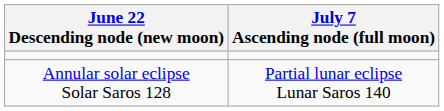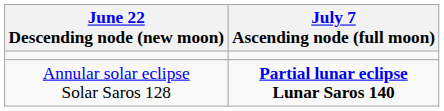 <table class="wikitable">
 <tr>
 <th><a href='#'>June 22</a><br>Descending node (new moon)<br></th>
 <th><a href='#'>July 7</a><br>Ascending node (full moon)<br></th>
 </tr>
 <tr>
 <td></td>
 <td></td>
 </tr>
 <tr align=center>
 <td><a href='#'>Annular solar eclipse</a><br>Solar Saros 128</td>
-<td><a href='#'>Partial lunar eclipse</a><br>Lunar Saros 140</td>
+<td><strong><a href='#'>Partial lunar eclipse</a><br>Lunar Saros 140</strong></td>
 </tr>
 </table>
